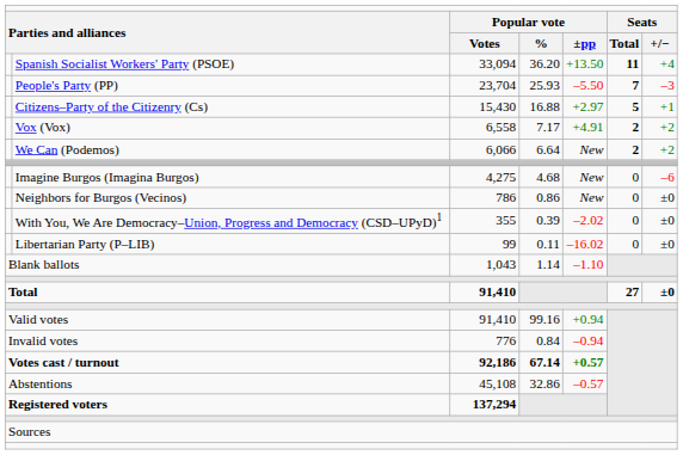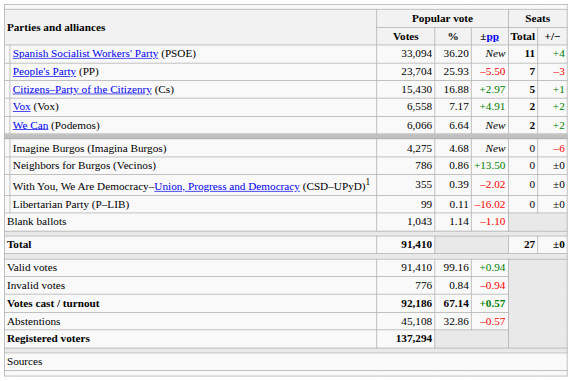 <table class="wikitable" style="text-align:right;">
 <tr>
 <td colspan="7"></td>
 </tr>
 <tr>
 <th style="text-align:left;" rowspan="2" colspan="2" width="525">Parties and alliances</th>
 <th colspan="3">Popular vote</th>
 <th colspan="2">Seats</th>
 </tr>
 <tr>
 <th width="75">Votes</th>
 <th width="45">%</th>
 <th width="45">±<a href='#'>pp</a></th>
 <th width="35">Total</th>
 <th width="35">+/−</th>
 </tr>
 <tr>
 <td width="1" style="color:inherit;background:"></td>
 <td align="left"><a href='#'>Spanish Socialist Workers' Party</a> (PSOE)</td>
 <td>33,094</td>
 <td>36.20</td>
-<td style="color:green;">+13.50</td>
+<td><em>New</em></td>
 <td><strong>11</strong></td>
 <td style="color:green;">+4</td>
 </tr>
 <tr>
 <td style="color:inherit;background:"></td>
 <td align="left"><a href='#'>People's Party</a> (PP)</td>
 <td>23,704</td>
 <td>25.93</td>
 <td style="color:red;">–5.50</td>
 <td><strong>7</strong></td>
 <td style="color:red;">–3</td>
 </tr>
 <tr>
 <td style="color:inherit;background:"></td>
 <td align="left"><a href='#'>Citizens–Party of the Citizenry</a> (Cs)</td>
 <td>15,430</td>
 <td>16.88</td>
 <td style="color:green;">+2.97</td>
 <td><strong>5</strong></td>
 <td style="color:green;">+1</td>
 </tr>
 <tr>
 <td style="color:inherit;background:"></td>
 <td align="left"><a href='#'>Vox</a> (Vox)</td>
 <td>6,558</td>
 <td>7.17</td>
 <td style="color:green;">+4.91</td>
 <td><strong>2</strong></td>
 <td style="color:green;">+2</td>
 </tr>
 <tr>
 <td style="color:inherit;background:"></td>
 <td align="left"><a href='#'>We Can</a> (Podemos)</td>
 <td>6,066</td>
 <td>6.64</td>
 <td><em>New</em></td>
 <td><strong>2</strong></td>
 <td style="color:green;">+2</td>
 </tr>
 <tr>
 <td colspan="7" bgcolor="#C0C0C0"></td>
 </tr>
 <tr>
 <td style="color:inherit;background:"></td>
 <td align="left">Imagine Burgos (Imagina Burgos)</td>
 <td>4,275</td>
 <td>4.68</td>
 <td><em>New</em></td>
 <td>0</td>
 <td style="color:red;">–6</td>
 </tr>
 <tr>
 <td style="color:inherit;background:"></td>
 <td align="left">Neighbors for Burgos (Vecinos)</td>
 <td>786</td>
 <td>0.86</td>
-<td><em>New</em></td>
+<td style="color:green;">+13.50</td>
 <td>0</td>
 <td>±0</td>
 </tr>
 <tr>
 <td style="color:inherit;background:"></td>
 <td align="left">With You, We Are Democracy–<a href='#'>Union, Progress and Democracy</a> (CSD–UPyD)<sup>1</sup></td>
 <td>355</td>
 <td>0.39</td>
 <td style="color:red;">–2.02</td>
 <td>0</td>
 <td>±0</td>
 </tr>
 <tr>
 <td style="color:inherit;background:"></td>
 <td align="left">Libertarian Party (P–LIB)</td>
 <td>99</td>
 <td>0.11</td>
 <td style="color:red;">–16.02</td>
 <td>0</td>
 <td>±0</td>
 </tr>
 <tr>
 <td align="left" colspan="2">Blank ballots</td>
 <td>1,043</td>
 <td>1.14</td>
 <td style="color:red;">–1.10</td>
 <td bgcolor="#E9E9E9" colspan="2"></td>
 </tr>
 <tr>
 <td colspan="7" bgcolor="#E9E9E9"></td>
 </tr>
 <tr style="font-weight:bold;">
 <td align="left" colspan="2">Total</td>
 <td>91,410</td>
 <td bgcolor="#E9E9E9" colspan="2"></td>
 <td>27</td>
 <td>±0</td>
 </tr>
 <tr>
 <td colspan="7" bgcolor="#E9E9E9"></td>
 </tr>
 <tr>
 <td align="left" colspan="2">Valid votes</td>
 <td>91,410</td>
 <td>99.16</td>
 <td style="color:green;">+0.94</td>
 <td bgcolor="#E9E9E9" colspan="2" rowspan="5"></td>
 </tr>
 <tr>
 <td align="left" colspan="2">Invalid votes</td>
 <td>776</td>
 <td>0.84</td>
 <td style="color:red;">–0.94</td>
 </tr>
 <tr style="font-weight:bold;">
 <td align="left" colspan="2">Votes cast / turnout</td>
 <td>92,186</td>
 <td>67.14</td>
 <td style="color:green;">+0.57</td>
 </tr>
 <tr>
 <td align="left" colspan="2">Abstentions</td>
 <td>45,108</td>
 <td>32.86</td>
 <td style="color:red;">–0.57</td>
 </tr>
 <tr style="font-weight:bold;">
 <td align="left" colspan="2">Registered voters</td>
 <td>137,294</td>
 <td bgcolor="#E9E9E9" colspan="2"></td>
 </tr>
 <tr>
 <td colspan="7" bgcolor="#E9E9E9"></td>
 </tr>
 <tr>
 <td align="left" colspan="7">Sources</td>
 </tr>
 <tr>
 <td colspan="7" style="text-align:left; max-width:790px;"></td>
 </tr>
 </table>
